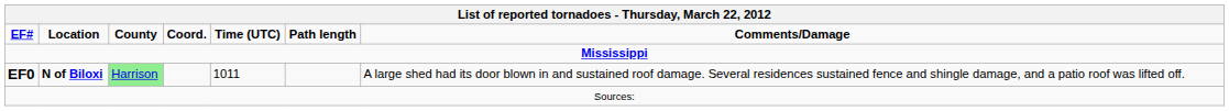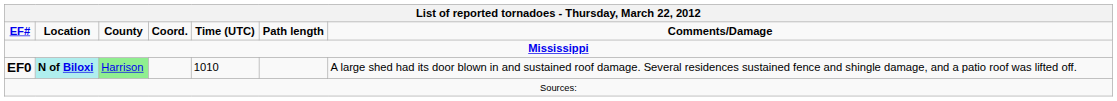 <table class="wikitable collapsible" width="100%">
 <tr>
 <th colspan="7">List of reported tornadoes - Thursday, March 22, 2012</th>
 </tr>
 <tr style="text-align:center;">
 <td><strong><a href='#'>EF#</a></strong></td>
 <td><strong>Location</strong></td>
 <td><strong>County</strong></td>
 <td><strong>Coord.</strong></td>
 <td><strong>Time (UTC)</strong></td>
 <td><strong>Path length</strong></td>
 <td><strong>Comments/Damage</strong></td>
 </tr>
 <tr>
 <td colspan="7" align=center><strong><a href='#'>Mississippi</a></strong></td>
 </tr>
 <tr>
 <td><big><strong>EF0</strong></big></td>
-<td><strong>N of <a href='#'>Biloxi</a></strong></td>
+<td style="background: paleturquoise;"><strong>N of <a href='#'>Biloxi</a></strong></td>
 <td style="background: lightgreen;"><a href='#'>Harrison</a></td>
 <td></td>
-<td>1011</td>
+<td>1010</td>
 <td></td>
 <td>A large shed had its door blown in and sustained roof damage. Several residences sustained fence and shingle damage, and a patio roof was lifted off.</td>
 </tr>
 <tr>
 <td colspan="7" align=center><small>Sources: </small></td>
 </tr>
 </table>
